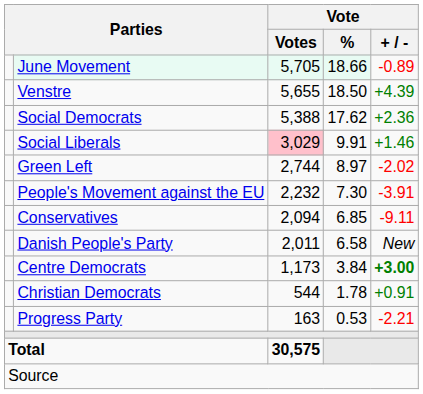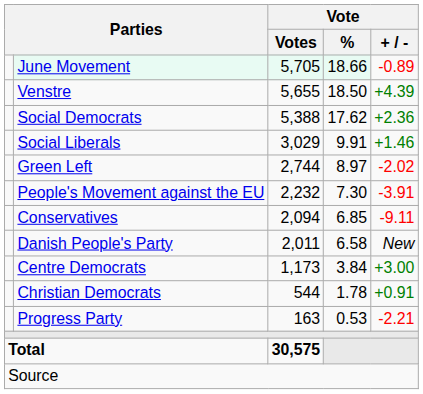 <table class="wikitable" style="text-align:right;">
 <tr>
 <th style="text-align:centre;" rowspan="2" colspan="2" width="225">Parties</th>
 <th colspan="3">Vote</th>
 </tr>
 <tr>
 <th width="15">Votes</th>
 <th width="15">%</th>
 <th width="15">+ / -</th>
 </tr>
 <tr>
 <td width="2" style="color:inherit;background:"></td>
 <td bgcolor=#e8fbf3   align="left"><a href='#'>June Movement</a></td>
 <td bgcolor=#e8fbf3>5,705</td>
 <td bgcolor=#e8fbf3>18.66</td>
 <td style=color:red;>-0.89</td>
 </tr>
 <tr>
 <td width="2" style="color:inherit;background:"></td>
 <td align="left"><a href='#'>Venstre</a></td>
 <td>5,655</td>
 <td>18.50</td>
 <td style=color:green;>+4.39</td>
 </tr>
 <tr>
 <td width="2" style="color:inherit;background:"></td>
 <td align="left"><a href='#'>Social Democrats</a></td>
 <td>5,388</td>
 <td>17.62</td>
 <td style=color:green;>+2.36</td>
 </tr>
 <tr>
 <td width="2" style="color:inherit;background:"></td>
 <td align="left"><a href='#'>Social Liberals</a></td>
-<td style="background: pink;">3,029</td>
+<td>3,029</td>
 <td>9.91</td>
 <td style=color:green;>+1.46</td>
 </tr>
 <tr>
 <td width="2" style="color:inherit;background:"></td>
 <td align="left"><a href='#'>Green Left</a></td>
 <td>2,744</td>
 <td>8.97</td>
 <td style=color:red;>-2.02</td>
 </tr>
 <tr>
 <td width="2" style="color:inherit;background:"></td>
 <td align="left"><a href='#'>People's Movement against the EU</a></td>
 <td>2,232</td>
 <td>7.30</td>
 <td style=color:red;>-3.91</td>
 </tr>
 <tr>
 <td width="2" style="color:inherit;background:"></td>
 <td align="left"><a href='#'>Conservatives</a></td>
 <td>2,094</td>
 <td>6.85</td>
 <td style=color:red;>-9.11</td>
 </tr>
 <tr>
 <td width="2" style="color:inherit;background:"></td>
 <td align="left"><a href='#'>Danish People's Party</a></td>
 <td>2,011</td>
 <td>6.58</td>
 <td><em>New</em></td>
 </tr>
 <tr>
 <td width="2" style="color:inherit;background:"></td>
 <td align="left"><a href='#'>Centre Democrats</a></td>
 <td>1,173</td>
 <td>3.84</td>
-<td style=color:green;><strong>+3.00</strong></td>
+<td style=color:green;>+3.00</td>
 </tr>
 <tr>
 <td width="2" style="color:inherit;background:"></td>
 <td align="left"><a href='#'>Christian Democrats</a></td>
 <td>544</td>
 <td>1.78</td>
 <td style=color:green;>+0.91</td>
 </tr>
 <tr>
 <td width="2" style="color:inherit;background:"></td>
 <td align="left"><a href='#'>Progress Party</a></td>
 <td>163</td>
 <td>0.53</td>
 <td style=color:red;>-2.21</td>
 </tr>
 <tr>
 <td colspan="7" bgcolor="#E9E9E9"></td>
 </tr>
 <tr>
 <td align="left" colspan="2"><strong>Total</strong></td>
 <td><strong>30,575</strong></td>
 <td bgcolor="#E9E9E9" colspan="2"></td>
 </tr>
 <tr>
 <td align="left" colspan="6">Source</td>
 </tr>
 </table>
